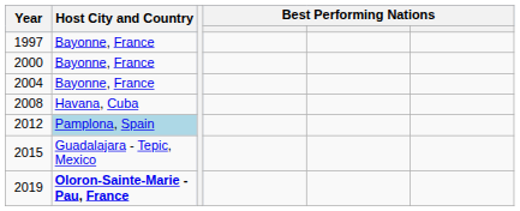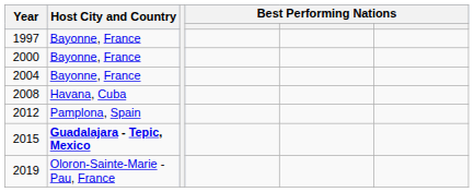 <table class="wikitable" style="width: 100%; max-width: 23cm; text-align: center">
 <tr bgcolor=#c1d8ff>
 <th rowspan=2 width=9% style="text-align: center;">Year</th>
 <th rowspan=2 width=28%>Host City and Country</th>
 <th width=1% rowspan=21 bgcolor=ffffff></th>
 <th colspan=3>Best Performing Nations</th>
 </tr>
 <tr bgcolor=#efefef>
 <th width=20%></th>
 <th width=20%></th>
 <th width=20%></th>
 </tr>
 <tr>
 <td>1997</td>
 <td style="text-align: left"> <a href='#'>Bayonne</a>, <a href='#'>France</a></td>
 <td></td>
 <td></td>
 <td></td>
 </tr>
 <tr>
 <td>2000</td>
 <td style="text-align: left"> <a href='#'>Bayonne</a>, <a href='#'>France</a></td>
 <td><br></td>
 <td></td>
 <td></td>
 </tr>
 <tr>
 <td>2004</td>
 <td style="text-align: left"> <a href='#'>Bayonne</a>, <a href='#'>France</a></td>
 <td></td>
 <td><br></td>
 <td></td>
 </tr>
 <tr>
 <td>2008</td>
 <td style="text-align: left"> <a href='#'>Havana</a>, <a href='#'>Cuba</a></td>
 <td></td>
 <td></td>
 <td></td>
 </tr>
 <tr>
 <td>2012</td>
-<td style="background: lightblue; text-align: left"> <a href='#'>Pamplona</a>, <a href='#'>Spain</a></td>
+<td style="text-align: left"> <a href='#'>Pamplona</a>, <a href='#'>Spain</a></td>
 <td></td>
 <td></td>
 <td></td>
 </tr>
 <tr>
 <td>2015</td>
-<td style="text-align: left"> <a href='#'>Guadalajara</a> - <a href='#'>Tepic</a>, <a href='#'>Mexico</a></td>
+<td style="text-align: left"><strong> <a href='#'>Guadalajara</a> - <a href='#'>Tepic</a>, <a href='#'>Mexico</a></strong></td>
 <td></td>
 <td></td>
 <td></td>
 </tr>
 <tr>
 <td>2019</td>
-<td style="text-align: left"><strong> <a href='#'>Oloron-Sainte-Marie</a> - <a href='#'>Pau</a>, <a href='#'>France</a></strong></td>
+<td style="text-align: left"> <a href='#'>Oloron-Sainte-Marie</a> - <a href='#'>Pau</a>, <a href='#'>France</a></td>
 <td></td>
 <td></td>
 <td></td>
 </tr>
 </table>
